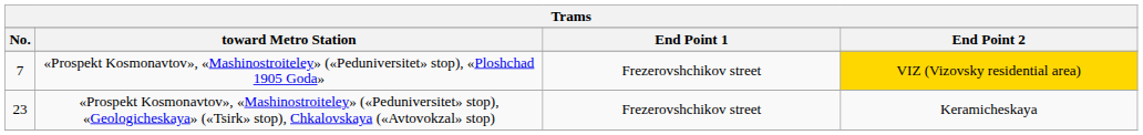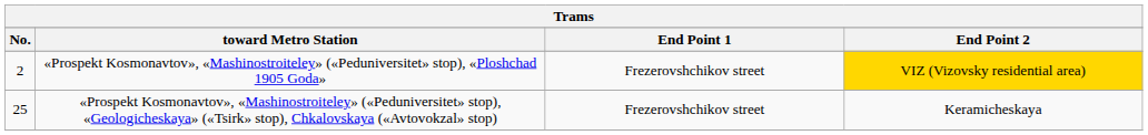 <table class="wikitable">
 <tr>
 <th colspan="4">Trams</th>
 </tr>
 <tr>
 </tr>
 <tr ---->
 <th width="2%">No.</th>
 <th width="41%">toward Metro Station</th>
 <th width="24%">End Point 1</th>
 <th width="24%">End Point 2</th>
 </tr>
 <tr>
 </tr>
 <tr ---- align="center">
-<td>7</td>
+<td>2</td>
 <td>«Prospekt Kosmonavtov», «<a href='#'>Mashinostroiteley</a>» («Peduniversitet» stop), «<a href='#'>Ploshchad 1905 Goda</a>»</td>
 <td>Frezerovshchikov street</td>
 <td style="background: gold;">VIZ (Vizovsky residential area)</td>
 </tr>
 <tr>
 </tr>
 <tr ---- align="center">
-<td>23</td>
+<td>25</td>
 <td>«Prospekt Kosmonavtov», «<a href='#'>Mashinostroiteley</a>» («Peduniversitet» stop), «<a href='#'>Geologicheskaya</a>» («Tsirk» stop), <a href='#'>Chkalovskaya</a> («Avtovokzal» stop)</td>
 <td>Frezerovshchikov street</td>
 <td>Keramicheskaya</td>
 </tr>
 <tr>
 </tr>
 </table>
